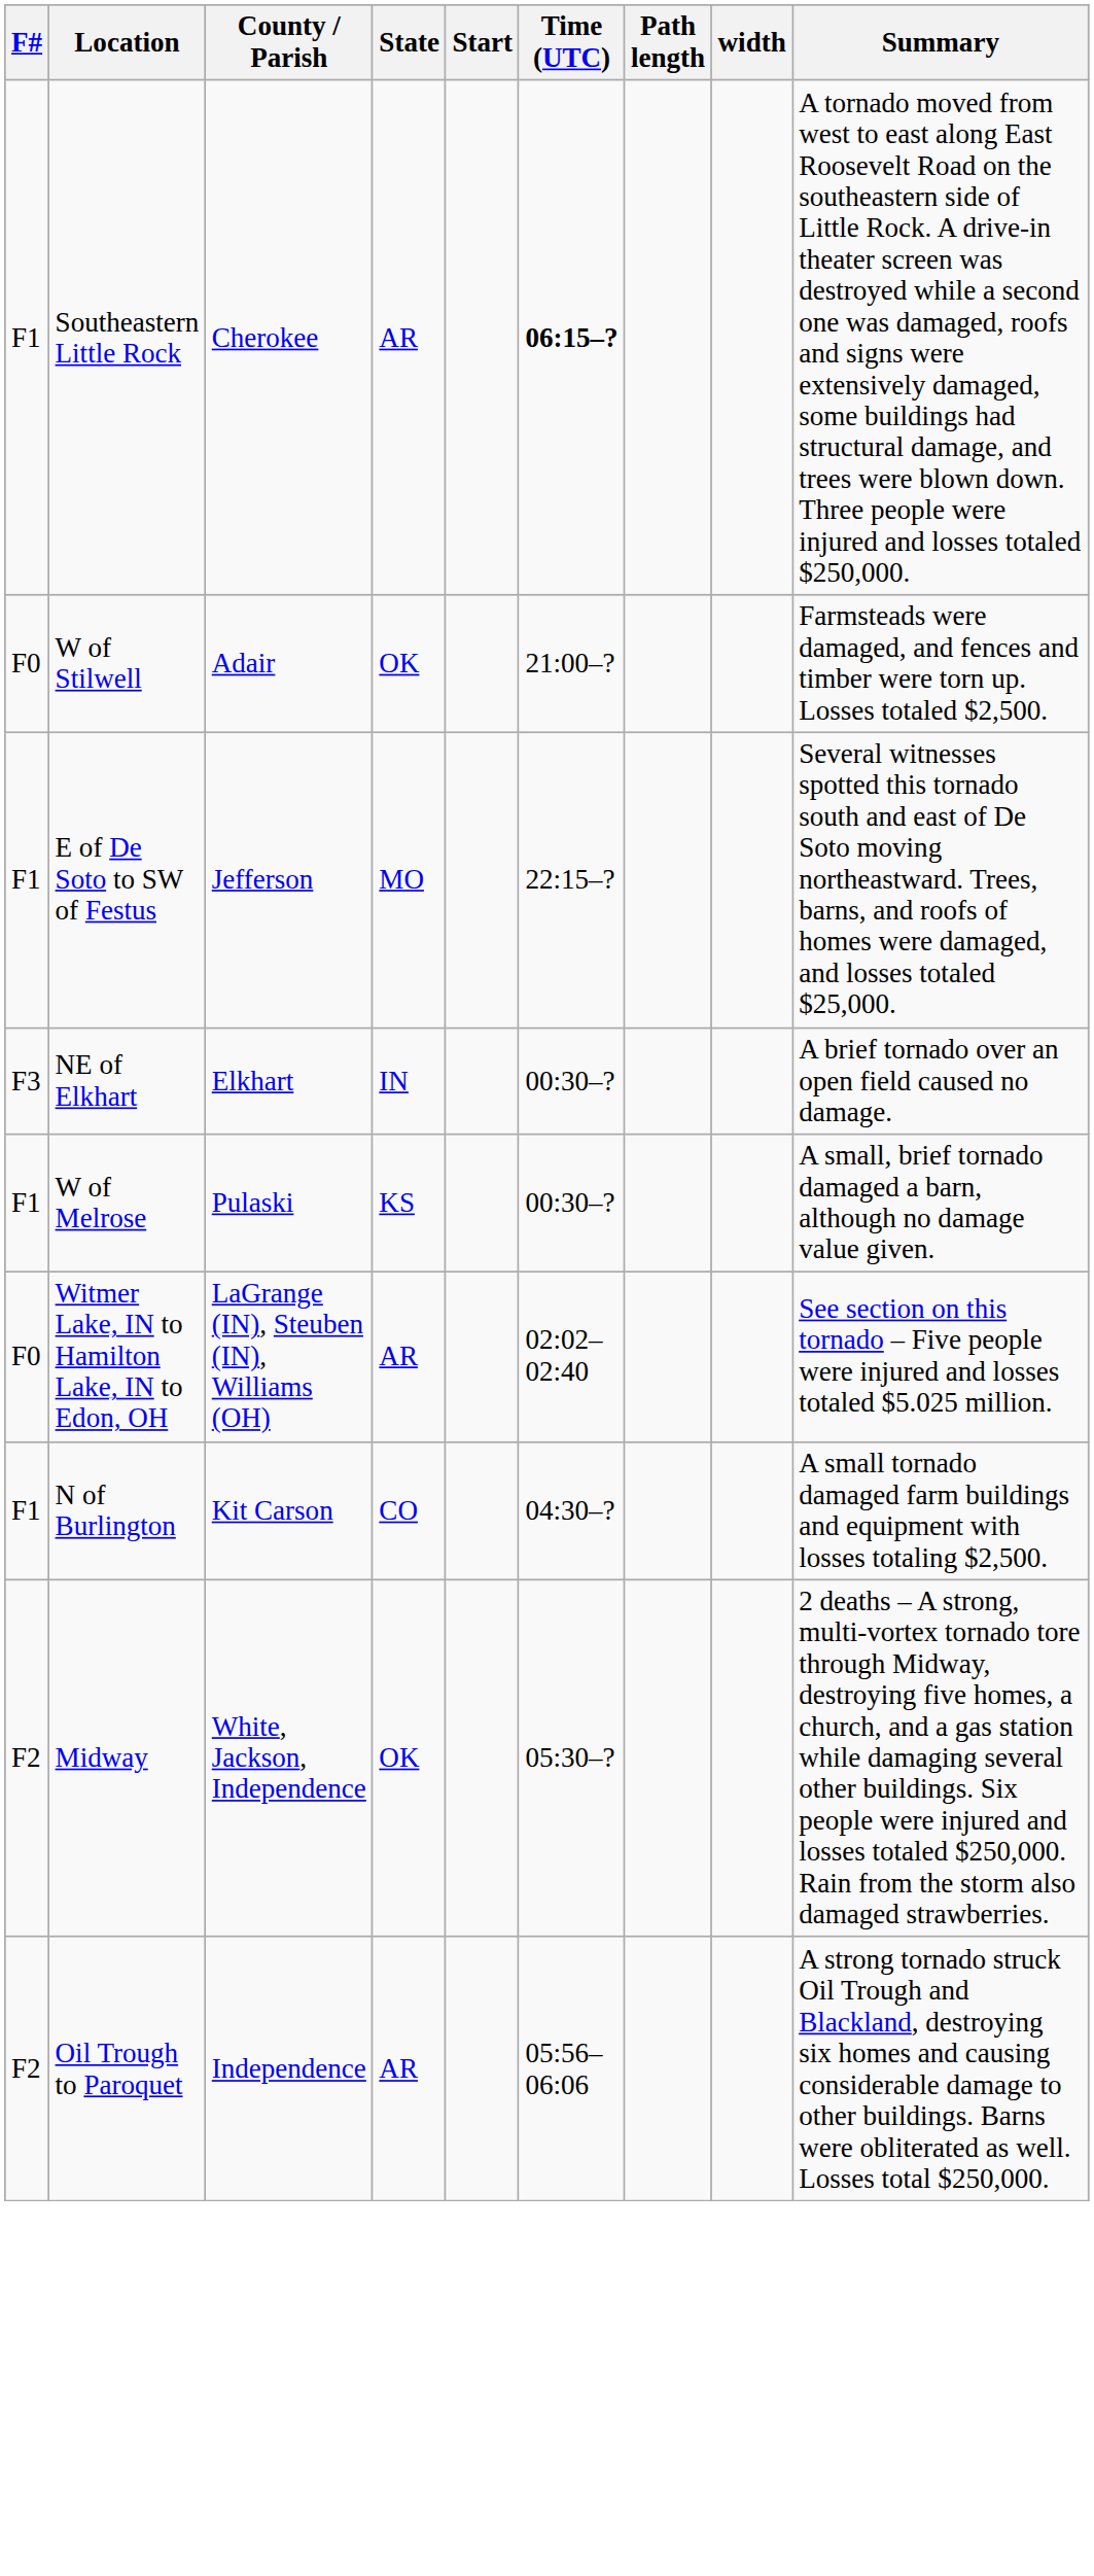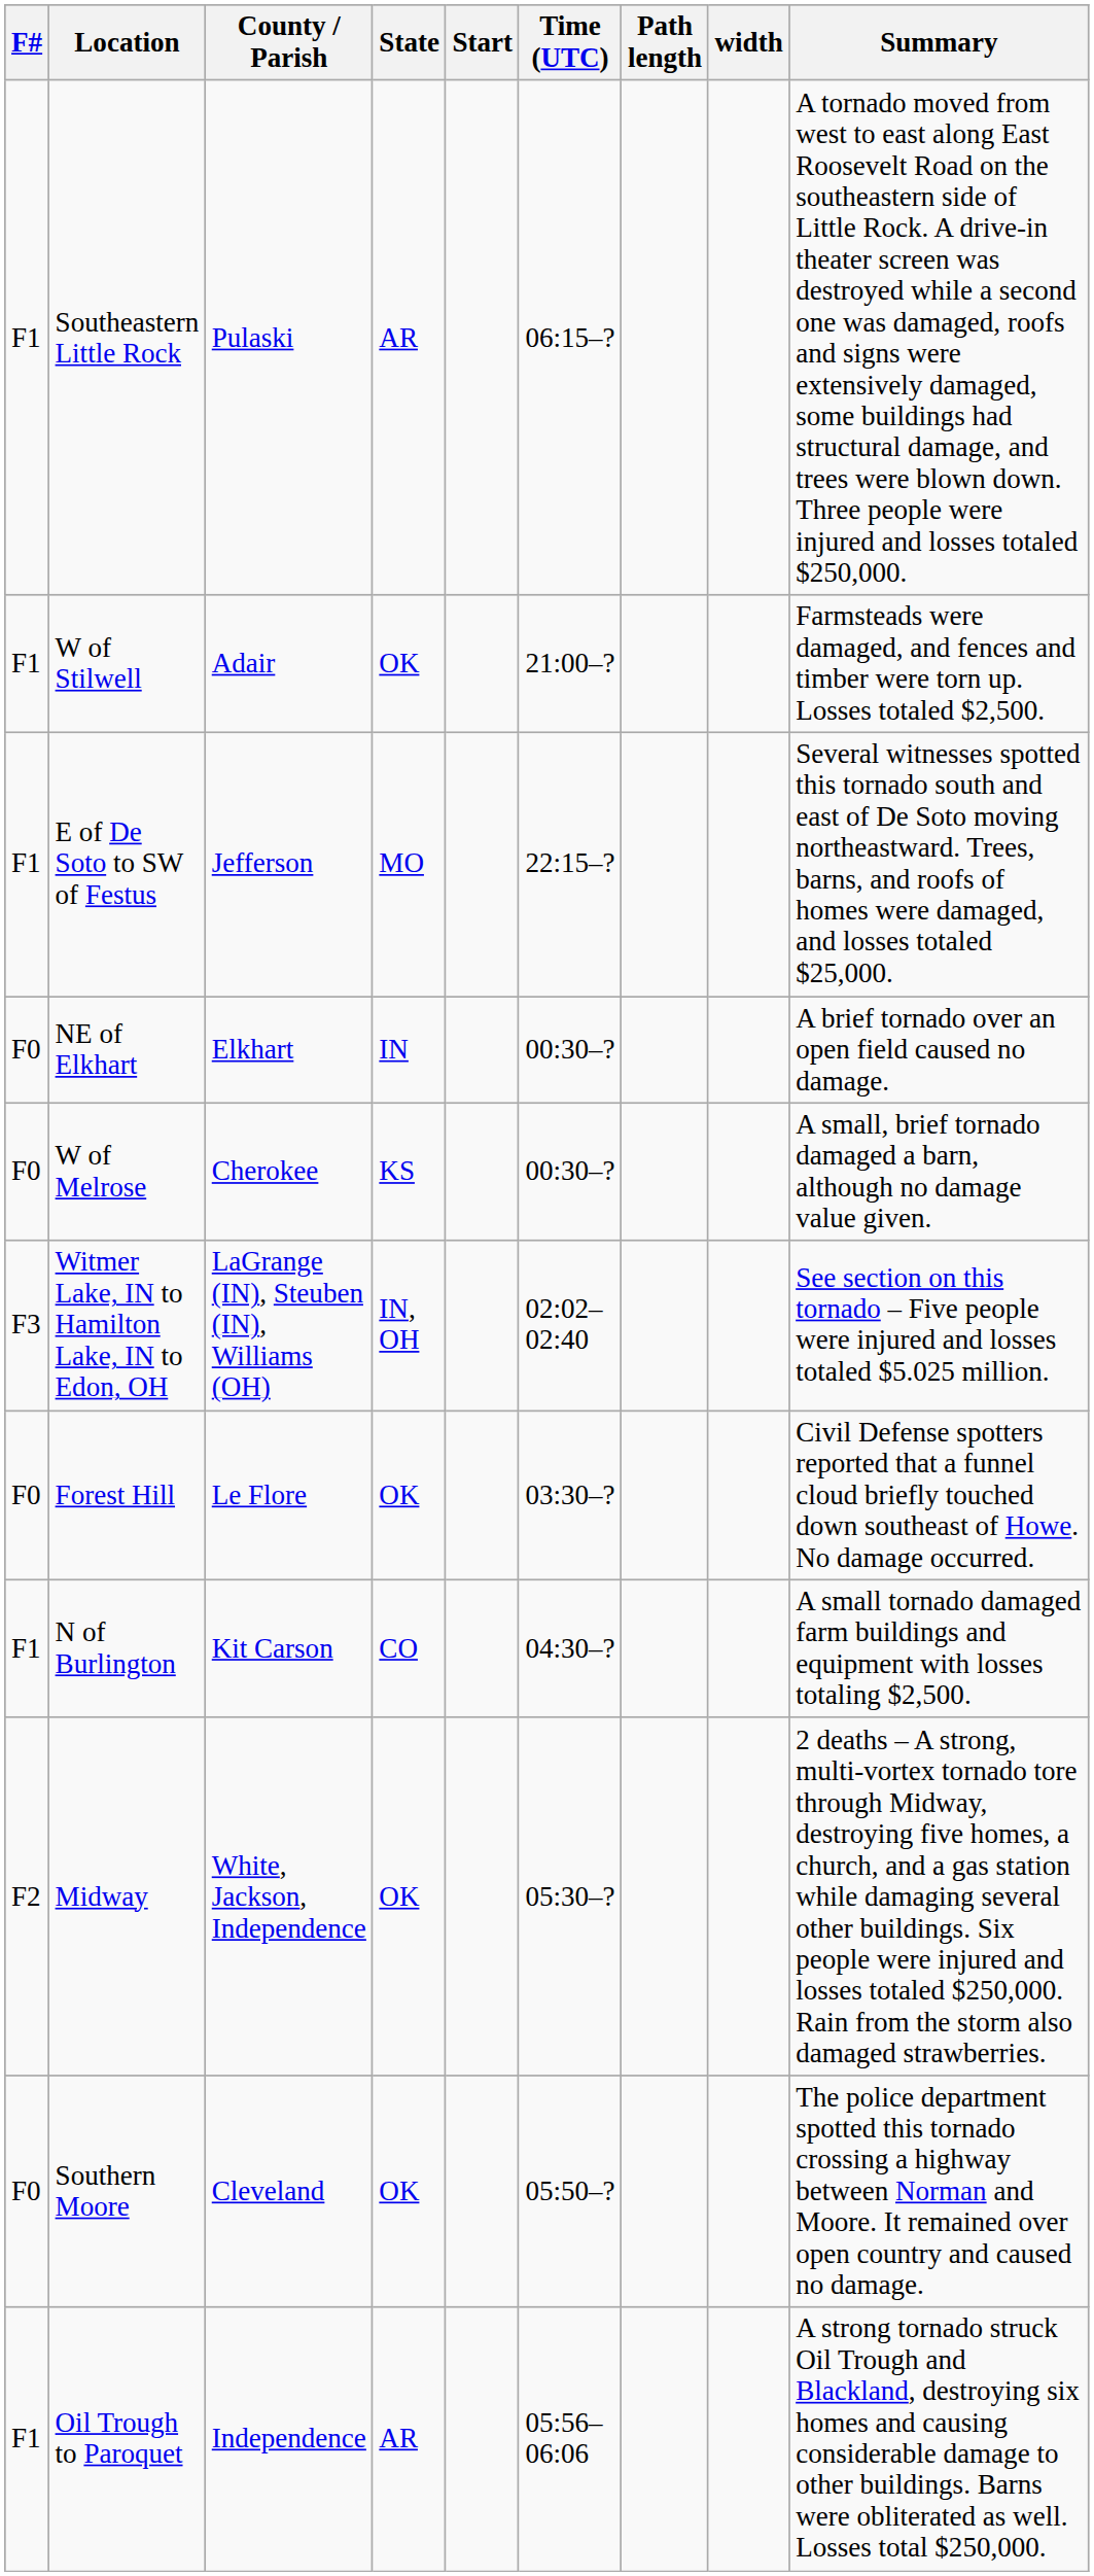 <table class="wikitable sortable" style="width:100%;">
 <tr>
 <th scope="col"  style="width:3%; text-align:center;"><a href='#'>F#</a></th>
 <th scope="col"  style="width:7%; text-align:center;" class="unsortable">Location</th>
 <th scope="col"  style="width:6%; text-align:center;" class="unsortable">County / Parish</th>
 <th scope="col"  style="width:5%; text-align:center;">State</th>
 <th scope="col"  style="width:6%; text-align:center;">Start<br></th>
 <th scope="col"  style="width:6%; text-align:center;">Time (<a href='#'>UTC</a>)</th>
 <th scope="col"  style="width:6%; text-align:center;">Path length</th>
 <th scope="col"  style="width:6%; text-align:center;"> width</th>
 <th scope="col" class="unsortable" style="width:48%; text-align:center;">Summary</th>
 </tr>
 <tr>
 <td>F1</td>
 <td>Southeastern <a href='#'>Little Rock</a></td>
-<td><a href='#'>Cherokee</a></td>
+<td><a href='#'>Pulaski</a></td>
 <td><a href='#'>AR</a></td>
 <td></td>
-<td><strong>06:15–?</strong></td>
+<td>06:15–?</td>
 <td></td>
 <td></td>
 <td>A tornado moved from west to east along East Roosevelt Road on the southeastern side of Little Rock. A drive-in theater screen was destroyed while a second one was damaged, roofs and signs were extensively damaged, some buildings had structural damage, and trees were blown down. Three people were injured and losses totaled $250,000.</td>
 </tr>
 <tr>
-<td>F0</td>
+<td>F1</td>
 <td>W of <a href='#'>Stilwell</a></td>
 <td><a href='#'>Adair</a></td>
 <td><a href='#'>OK</a></td>
 <td></td>
 <td>21:00–?</td>
 <td></td>
 <td></td>
 <td>Farmsteads were damaged, and fences and timber were torn up. Losses totaled $2,500.</td>
 </tr>
 <tr>
 <td>F1</td>
 <td>E of <a href='#'>De Soto</a> to SW of <a href='#'>Festus</a></td>
 <td><a href='#'>Jefferson</a></td>
 <td><a href='#'>MO</a></td>
 <td></td>
 <td>22:15–?</td>
 <td></td>
 <td></td>
 <td>Several witnesses spotted this tornado south and east of De Soto moving northeastward. Trees, barns, and roofs of homes were damaged, and losses totaled $25,000.</td>
 </tr>
 <tr>
-<td>F3</td>
+<td>F0</td>
 <td>NE of <a href='#'>Elkhart</a></td>
 <td><a href='#'>Elkhart</a></td>
 <td><a href='#'>IN</a></td>
 <td></td>
 <td>00:30–?</td>
 <td></td>
 <td></td>
 <td>A brief tornado over an open field caused no damage.</td>
 </tr>
 <tr>
-<td>F1</td>
+<td>F0</td>
 <td>W of <a href='#'>Melrose</a></td>
-<td><a href='#'>Pulaski</a></td>
+<td><a href='#'>Cherokee</a></td>
 <td><a href='#'>KS</a></td>
 <td></td>
 <td>00:30–?</td>
 <td></td>
 <td></td>
 <td>A small, brief tornado damaged a barn, although no damage value given.</td>
 </tr>
 <tr>
-<td>F0</td>
+<td>F3</td>
 <td><a href='#'>Witmer Lake, IN</a> to <a href='#'>Hamilton Lake, IN</a> to <a href='#'>Edon, OH</a></td>
 <td><a href='#'>LaGrange (IN)</a>, <a href='#'>Steuben (IN)</a>, <a href='#'>Williams (OH)</a></td>
-<td><a href='#'>AR</a></td>
+<td><a href='#'>IN</a>, <a href='#'>OH</a></td>
 <td></td>
 <td>02:02–02:40</td>
 <td></td>
 <td></td>
 <td><a href='#'>See section on this tornado</a> – Five people were injured and losses totaled $5.025 million.</td>
+</tr>
+<tr>
+<td>F0</td>
+<td><a href='#'>Forest Hill</a></td>
+<td><a href='#'>Le Flore</a></td>
+<td><a href='#'>OK</a></td>
+<td></td>
+<td>03:30–?</td>
+<td></td>
+<td></td>
+<td>Civil Defense spotters reported that a funnel cloud briefly touched down southeast of <a href='#'>Howe</a>. No damage occurred.</td>
 </tr>
 <tr>
 <td>F1</td>
 <td>N of <a href='#'>Burlington</a></td>
 <td><a href='#'>Kit Carson</a></td>
 <td><a href='#'>CO</a></td>
 <td></td>
 <td>04:30–?</td>
 <td></td>
 <td></td>
 <td>A small tornado damaged farm buildings and equipment with losses totaling $2,500.</td>
 </tr>
 <tr>
 <td>F2</td>
 <td><a href='#'>Midway</a></td>
 <td><a href='#'>White</a>, <a href='#'>Jackson</a>, <a href='#'>Independence</a></td>
 <td><a href='#'>OK</a></td>
 <td></td>
 <td>05:30–?</td>
 <td></td>
 <td></td>
 <td>2 deaths – A strong, multi-vortex tornado tore through Midway, destroying five homes, a church, and a gas station while damaging several other buildings. Six people were injured and losses totaled $250,000. Rain from the storm also damaged strawberries.</td>
 </tr>
 <tr>
-<td>F2</td>
+<td>F0</td>
+<td>Southern <a href='#'>Moore</a></td>
+<td><a href='#'>Cleveland</a></td>
+<td><a href='#'>OK</a></td>
+<td></td>
+<td>05:50–?</td>
+<td></td>
+<td></td>
+<td>The police department spotted this tornado crossing a highway between <a href='#'>Norman</a> and Moore. It remained over open country and caused no damage.</td>
+</tr>
+<tr>
+<td>F1</td>
 <td><a href='#'>Oil Trough</a> to <a href='#'>Paroquet</a></td>
 <td><a href='#'>Independence</a></td>
 <td><a href='#'>AR</a></td>
 <td></td>
 <td>05:56–06:06</td>
 <td></td>
 <td></td>
 <td>A strong tornado struck Oil Trough and <a href='#'>Blackland</a>, destroying six homes and causing considerable damage to other buildings. Barns were obliterated as well. Losses total $250,000.</td>
 </tr>
 </table>
